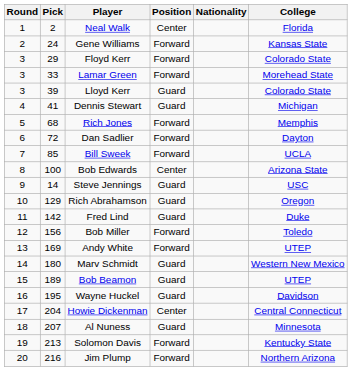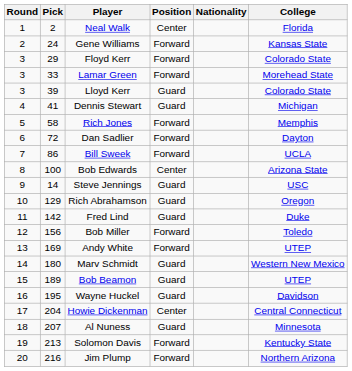 <table class="wikitable sortable sortable">
 <tr>
 <th>Round</th>
 <th>Pick</th>
 <th>Player</th>
 <th>Position</th>
 <th>Nationality</th>
 <th>College</th>
 </tr>
 <tr style="text-align: center">
 <td>1</td>
 <td>2</td>
 <td><a href='#'>Neal Walk</a></td>
 <td>Center</td>
 <td></td>
 <td><a href='#'>Florida</a></td>
 </tr>
 <tr style="text-align: center">
 <td>2</td>
 <td>24</td>
 <td>Gene Williams</td>
 <td>Forward</td>
 <td></td>
 <td><a href='#'>Kansas State</a></td>
 </tr>
 <tr style="text-align: center">
 <td>3</td>
 <td>29</td>
 <td>Floyd Kerr</td>
 <td>Forward</td>
 <td></td>
 <td><a href='#'>Colorado State</a></td>
 </tr>
 <tr style="text-align: center">
 <td>3</td>
 <td>33</td>
 <td><a href='#'>Lamar Green</a></td>
 <td>Forward</td>
 <td></td>
 <td><a href='#'>Morehead State</a></td>
 </tr>
 <tr style="text-align: center">
 <td>3</td>
 <td>39</td>
 <td>Lloyd Kerr</td>
 <td>Guard</td>
 <td></td>
 <td><a href='#'>Colorado State</a></td>
 </tr>
 <tr style="text-align: center">
 <td>4</td>
 <td>41</td>
 <td>Dennis Stewart</td>
 <td>Guard</td>
 <td></td>
 <td><a href='#'>Michigan</a></td>
 </tr>
 <tr style="text-align: center">
 <td>5</td>
-<td>68</td>
+<td>58</td>
 <td><a href='#'>Rich Jones</a></td>
 <td>Forward</td>
 <td></td>
 <td><a href='#'>Memphis</a></td>
 </tr>
 <tr style="text-align: center">
 <td>6</td>
 <td>72</td>
 <td>Dan Sadlier</td>
 <td>Forward</td>
 <td></td>
 <td><a href='#'>Dayton</a></td>
 </tr>
 <tr style="text-align: center">
 <td>7</td>
-<td>85</td>
+<td>86</td>
 <td><a href='#'>Bill Sweek</a></td>
 <td>Forward</td>
 <td></td>
 <td><a href='#'>UCLA</a></td>
 </tr>
 <tr style="text-align: center">
 <td>8</td>
 <td>100</td>
 <td>Bob Edwards</td>
 <td>Center</td>
 <td></td>
 <td><a href='#'>Arizona State</a></td>
 </tr>
 <tr style="text-align: center">
 <td>9</td>
 <td>14</td>
 <td>Steve Jennings</td>
 <td>Guard</td>
 <td></td>
 <td><a href='#'>USC</a></td>
 </tr>
 <tr style="text-align: center">
 <td>10</td>
 <td>129</td>
 <td>Rich Abrahamson</td>
 <td>Guard</td>
 <td></td>
 <td><a href='#'>Oregon</a></td>
 </tr>
 <tr style="text-align: center">
 <td>11</td>
 <td>142</td>
 <td>Fred Lind</td>
 <td>Guard</td>
 <td></td>
 <td><a href='#'>Duke</a></td>
 </tr>
 <tr style="text-align: center">
 <td>12</td>
 <td>156</td>
 <td>Bob Miller</td>
 <td>Forward</td>
 <td></td>
 <td><a href='#'>Toledo</a></td>
 </tr>
 <tr style="text-align: center">
 <td>13</td>
 <td>169</td>
 <td>Andy White</td>
 <td>Forward</td>
 <td></td>
 <td><a href='#'>UTEP</a></td>
 </tr>
 <tr style="text-align: center">
 <td>14</td>
 <td>180</td>
 <td>Marv Schmidt</td>
 <td>Guard</td>
 <td></td>
 <td><a href='#'>Western New Mexico</a></td>
 </tr>
 <tr style="text-align: center">
 <td>15</td>
 <td>189</td>
 <td><a href='#'>Bob Beamon</a></td>
 <td>Guard</td>
 <td></td>
 <td><a href='#'>UTEP</a></td>
 </tr>
 <tr style="text-align: center">
 <td>16</td>
 <td>195</td>
 <td>Wayne Huckel</td>
 <td>Guard</td>
 <td></td>
 <td><a href='#'>Davidson</a></td>
 </tr>
 <tr style="text-align: center">
 <td>17</td>
 <td>204</td>
 <td><a href='#'>Howie Dickenman</a></td>
 <td>Center</td>
 <td></td>
 <td><a href='#'>Central Connecticut</a></td>
 </tr>
 <tr style="text-align: center">
 <td>18</td>
 <td>207</td>
 <td>Al Nuness</td>
 <td>Guard</td>
 <td></td>
 <td><a href='#'>Minnesota</a></td>
 </tr>
 <tr style="text-align: center">
 <td>19</td>
 <td>213</td>
 <td>Solomon Davis</td>
 <td>Forward</td>
 <td></td>
 <td><a href='#'>Kentucky State</a></td>
 </tr>
 <tr style="text-align: center">
 <td>20</td>
 <td>216</td>
 <td>Jim Plump</td>
 <td>Forward</td>
 <td></td>
 <td><a href='#'>Northern Arizona</a></td>
 </tr>
 </table>
